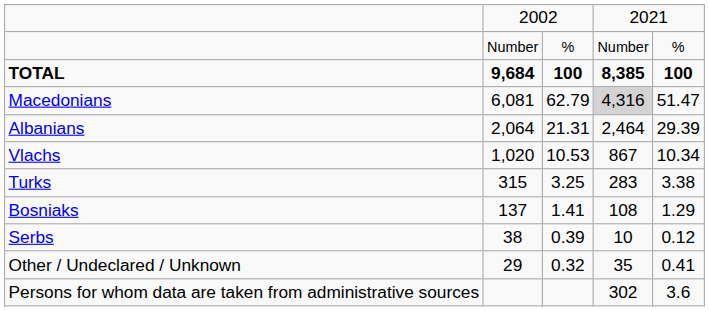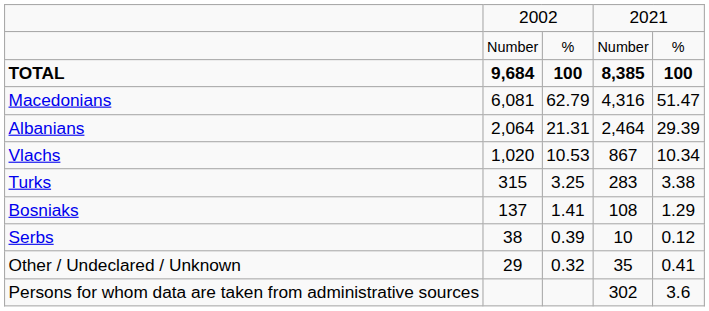 <table class="wikitable">
 <tr>
 <td></td>
 <td colspan="2" align="center">2002</td>
 <td colspan="2" align="center">2021</td>
 </tr>
 <tr>
 <td></td>
 <td align="center"><small>Number</small></td>
 <td align="center"><small>%</small></td>
 <td align="center"><small>Number</small></td>
 <td align="center"><small>%</small></td>
 </tr>
 <tr>
 <td><strong>TOTAL</strong></td>
 <td align="center"><strong>9,684</strong></td>
 <td align="center"><strong>100</strong></td>
 <td align="center"><strong>8,385</strong></td>
 <td align="center"><strong>100</strong></td>
 </tr>
 <tr>
 <td><a href='#'>Macedonians</a></td>
 <td align="center">6,081</td>
 <td align="center">62.79</td>
-<td align="center" style="background: lightgrey;">4,316</td>
+<td align="center">4,316</td>
 <td align="center">51.47</td>
 </tr>
 <tr>
 <td><a href='#'>Albanians</a></td>
 <td align="center">2,064</td>
 <td align="center">21.31</td>
 <td align="center">2,464</td>
 <td align="center">29.39</td>
 </tr>
 <tr>
 <td><a href='#'>Vlachs</a></td>
 <td align="center">1,020</td>
 <td align="center">10.53</td>
 <td align="center">867</td>
 <td align="center">10.34</td>
 </tr>
 <tr>
 <td><a href='#'>Turks</a></td>
 <td align="center">315</td>
 <td align="center">3.25</td>
 <td align="center">283</td>
 <td align="center">3.38</td>
 </tr>
 <tr>
 <td><a href='#'>Bosniaks</a></td>
 <td align="center">137</td>
 <td align="center">1.41</td>
 <td align="center">108</td>
 <td align="center">1.29</td>
 </tr>
 <tr>
 <td><a href='#'>Serbs</a></td>
 <td align="center">38</td>
 <td align="center">0.39</td>
 <td align="center">10</td>
 <td align="center">0.12</td>
 </tr>
 <tr>
 <td>Other / Undeclared / Unknown</td>
 <td align="center">29</td>
 <td align="center">0.32</td>
 <td align="center">35</td>
 <td align="center">0.41</td>
 </tr>
 <tr>
 <td>Persons for whom data are taken from administrative sources</td>
 <td align="center"></td>
 <td align="center"></td>
 <td align="center">302</td>
 <td align="center">3.6</td>
 </tr>
 </table>
